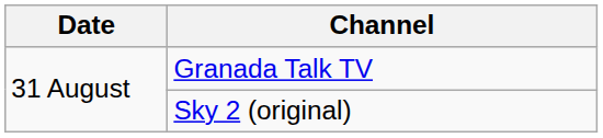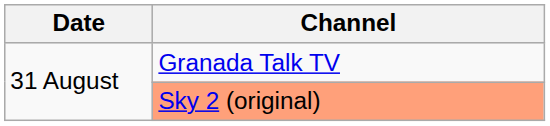 <table class="wikitable">
 <tr>
 <th width=90>Date</th>
 <th width=250>Channel</th>
 </tr>
 <tr>
 <td rowspan="2">31 August</td>
 <td><a href='#'>Granada Talk TV</a></td>
 </tr>
 <tr>
-<td><a href='#'>Sky 2</a> (original)</td>
+<td style="background: lightsalmon;"><a href='#'>Sky 2</a> (original)</td>
 </tr>
 </table>
